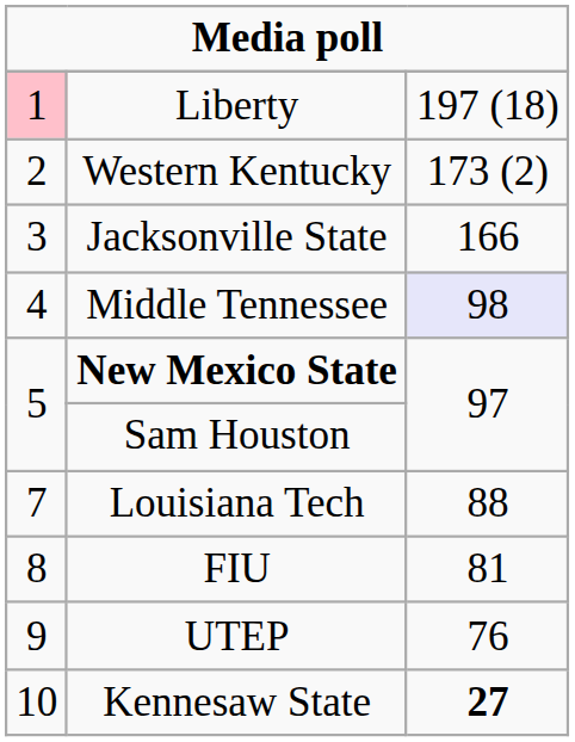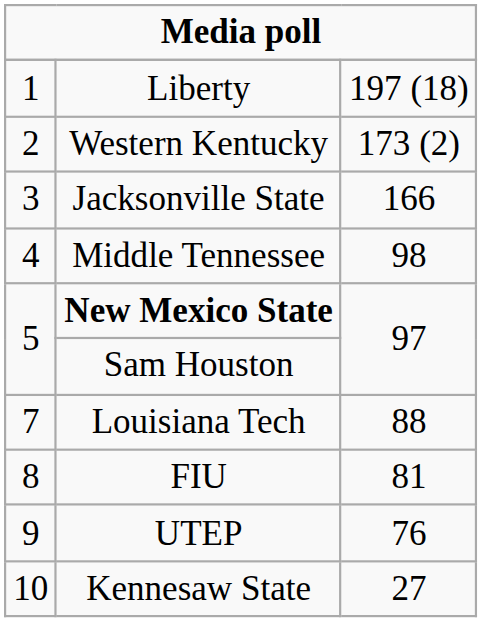 <table class="wikitable">
 <tr align="center">
 <td align="center" Colspan="3"><strong>Media poll</strong></td>
 </tr>
 <tr align="center">
 </tr>
 <tr align="center">
-<td style="background: pink;">1</td>
+<td>1</td>
 <td>Liberty</td>
 <td>197 (18)</td>
 </tr>
 <tr align="center">
 <td>2</td>
 <td>Western Kentucky</td>
 <td>173 (2)</td>
 </tr>
 <tr align="center">
 <td>3</td>
 <td>Jacksonville State</td>
 <td>166</td>
 </tr>
 <tr align="center">
 <td>4</td>
 <td>Middle Tennessee</td>
-<td style="background: lavender;">98</td>
+<td>98</td>
 </tr>
 <tr align="center">
 <td rowspan="2">5</td>
 <td><strong>New Mexico State</strong></td>
 <td rowspan="2">97</td>
 </tr>
 <tr align="center">
 <td>Sam Houston</td>
 </tr>
 <tr align="center">
 <td>7</td>
 <td>Louisiana Tech</td>
 <td>88</td>
 </tr>
 <tr align="center">
 <td>8</td>
 <td>FIU</td>
 <td>81</td>
 </tr>
 <tr align="center">
 <td>9</td>
 <td>UTEP</td>
 <td>76</td>
 </tr>
 <tr align="center">
 <td>10</td>
 <td>Kennesaw State</td>
-<td><strong>27</strong></td>
+<td>27</td>
 </tr>
 </table>
